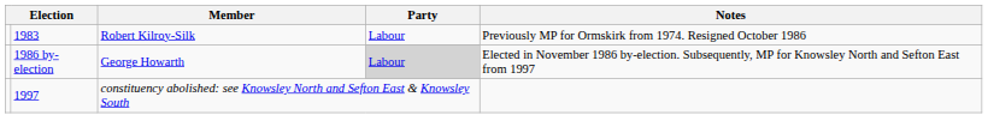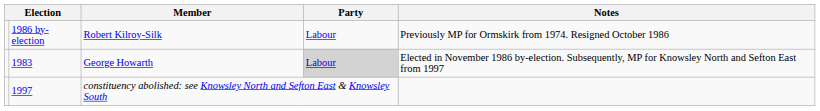 <table class="wikitable">
 <tr>
 <th colspan=2>Election</th>
 <th>Member</th>
 <th>Party</th>
 <th>Notes</th>
 </tr>
 <tr>
 <td style="color:inherit;background-color: "></td>
-<td><a href='#'>1983</a></td>
+<td><a href='#'>1986 by-election</a></td>
 <td><a href='#'>Robert Kilroy-Silk</a></td>
 <td><a href='#'>Labour</a></td>
 <td>Previously MP for Ormskirk from 1974.  Resigned October 1986</td>
 </tr>
 <tr>
 <td style="color:inherit;background-color: "></td>
-<td><a href='#'>1986 by-election</a></td>
+<td><a href='#'>1983</a></td>
 <td><a href='#'>George Howarth</a></td>
 <td style="background: lightgrey;"><a href='#'>Labour</a></td>
 <td>Elected in November 1986 by-election.  Subsequently, MP for Knowsley North and Sefton East from 1997</td>
 </tr>
 <tr>
 <td></td>
 <td><a href='#'>1997</a></td>
 <td colspan="2"><em>constituency abolished: see <a href='#'>Knowsley North and Sefton East</a> & <a href='#'>Knowsley South</a></em></td>
 </tr>
 </table>
